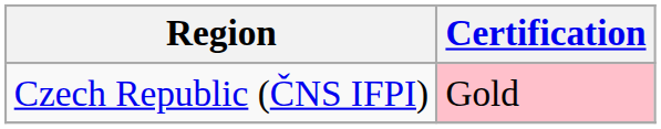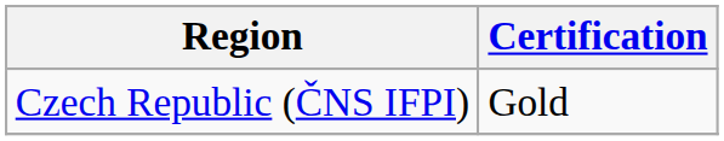 <table class="wikitable sortable">
 <tr>
 <th>Region</th>
 <th><a href='#'>Certification</a></th>
 </tr>
 <tr>
 <td><a href='#'>Czech Republic</a> (<a href='#'>ČNS IFPI</a>)</td>
-<td style="background: pink;">Gold</td>
+<td>Gold</td>
 </tr>
 <tr>
 </tr>
 </table>
